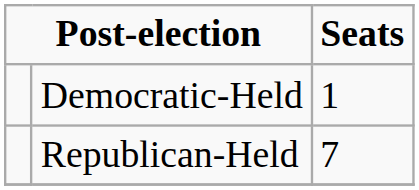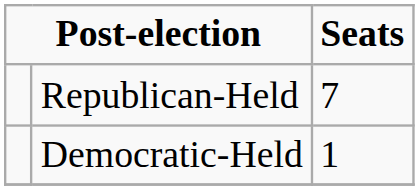 <table class= "wikitable">
 <tr>
 <td colspan= "2" rowspan= "1" align= "center" valign= "top"><strong>Post-election</strong></td>
 <td valign= "top"><strong>Seats</strong><br></td>
 </tr>
 <tr>
 <td style="background-color:"> </td>
+<td>Republican-Held</td>
+<td>7</td>
+</tr>
+<tr>
+<td style="background-color:"> </td>
 <td>Democratic-Held</td>
 <td>1</td>
 </tr>
 <tr>
-<td style="background-color:"> </td>
-<td>Republican-Held</td>
-<td>7</td>
-</tr>
-<tr>
 </tr>
 </table>
